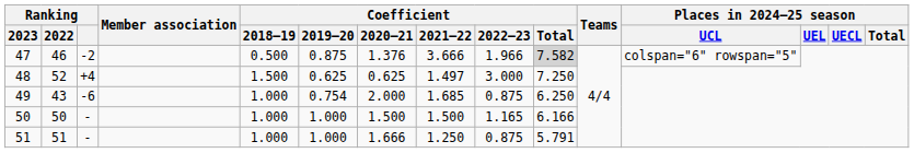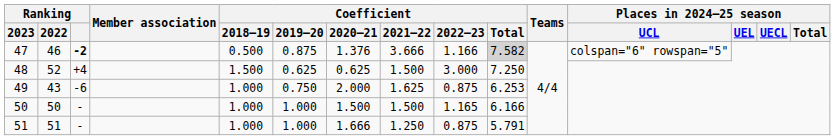 <table class="wikitable" style="text-align: center;">
 <tr>
 <th colspan="3">Ranking</th>
 <th rowspan="2">Member association<br></th>
 <th colspan="6">Coefficient</th>
 <th rowspan="2">Teams</th>
 <th colspan="4">Places in 2024–25 season</th>
 </tr>
 <tr>
 <th>2023</th>
 <th>2022</th>
 <th data-sort-type="number"></th>
 <th>2018–19</th>
 <th>2019–20</th>
 <th>2020–21</th>
 <th>2021–22</th>
 <th>2022–23</th>
 <th>Total</th>
 <th><a href='#'>UCL</a></th>
 <th><a href='#'>UEL</a></th>
 <th><a href='#'>UECL</a></th>
 <th>Total</th>
 </tr>
 <tr>
 <td>47</td>
 <td>46</td>
-<td> -2</td>
+<td><strong> -2</strong></td>
 <td align="left"> </td>
 <td>0.500</td>
 <td>0.875</td>
 <td>1.376</td>
 <td>3.666</td>
-<td>1.966</td>
+<td>1.166</td>
 <td style="background: lightgrey;">7.582</td>
 <td align="center" rowspan="5">4/4</td>
 <td>colspan="6" rowspan="5" </td>
 </tr>
 <tr>
 <td>48</td>
 <td>52</td>
 <td> +4</td>
 <td align="left"> </td>
 <td>1.500</td>
 <td>0.625</td>
 <td>0.625</td>
-<td>1.497</td>
+<td>1.500</td>
 <td>3.000</td>
 <td>7.250</td>
 </tr>
 <tr>
 <td>49</td>
 <td>43</td>
 <td> -6</td>
 <td align="left"> </td>
 <td>1.000</td>
-<td>0.754</td>
+<td>0.750</td>
 <td>2.000</td>
-<td>1.685</td>
+<td>1.625</td>
 <td>0.875</td>
-<td>6.250</td>
+<td>6.253</td>
 </tr>
 <tr>
 <td>50</td>
 <td>50</td>
 <td> -</td>
 <td align="left"> </td>
 <td>1.000</td>
 <td>1.000</td>
 <td>1.500</td>
 <td>1.500</td>
 <td>1.165</td>
 <td>6.166</td>
 </tr>
 <tr>
 <td>51</td>
 <td>51</td>
 <td> -</td>
 <td align="left"> </td>
 <td>1.000</td>
 <td>1.000</td>
 <td>1.666</td>
 <td>1.250</td>
 <td>0.875</td>
 <td>5.791</td>
 </tr>
 </table>
